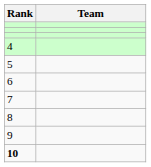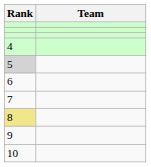 <table class="wikitable">
 <tr>
 <th width=30>Rank</th>
 <th width=150>Team</th>
 </tr>
 <tr bgcolor=#ccffcc>
 <td></td>
 <td></td>
 </tr>
 <tr bgcolor=#ccffcc>
 <td></td>
 <td></td>
 </tr>
 <tr bgcolor=#ccffcc>
 <td></td>
 <td></td>
 </tr>
 <tr bgcolor=#ccffcc>
 <td>4</td>
 <td></td>
 </tr>
 <tr>
-<td>5</td>
+<td style="background: lightgrey;">5</td>
 <td></td>
 </tr>
 <tr>
 <td>6</td>
 <td></td>
 </tr>
 <tr>
 <td>7</td>
 <td></td>
 </tr>
 <tr>
-<td>8</td>
+<td style="background: khaki;">8</td>
 <td></td>
 </tr>
 <tr>
 <td>9</td>
 <td></td>
 </tr>
 <tr>
-<td><strong>10</strong></td>
+<td>10</td>
 <td></td>
 </tr>
 </table>
